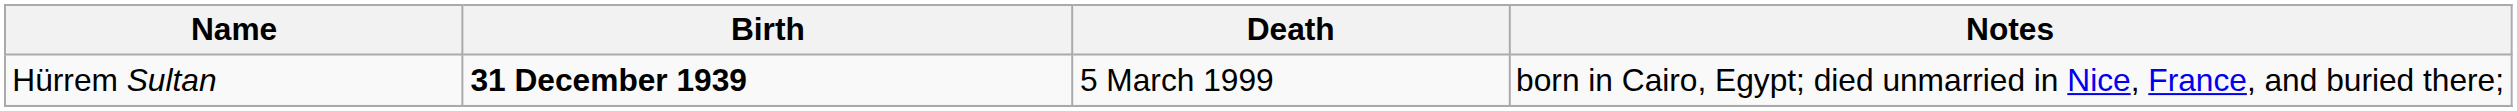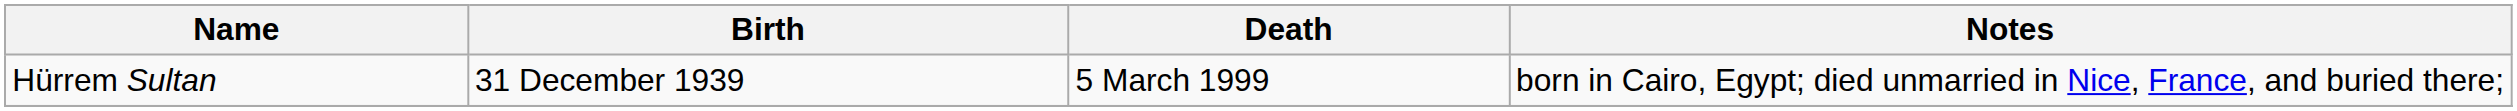 <table class="wikitable">
 <tr>
 <th>Name</th>
 <th>Birth</th>
 <th>Death</th>
 <th style="width:40%;">Notes</th>
 </tr>
 <tr>
 <td>Hürrem <em>Sultan</em></td>
-<td><strong>31 December 1939</strong></td>
+<td>31 December 1939</td>
 <td>5 March 1999</td>
 <td>born in Cairo, Egypt; died unmarried in <a href='#'>Nice</a>, <a href='#'>France</a>, and buried there;</td>
 </tr>
 <tr>
 </tr>
 </table>
